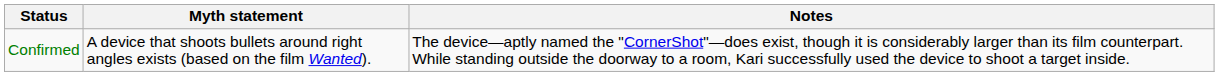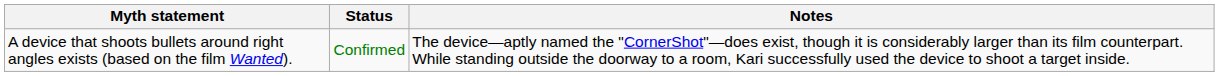 <table class="wikitable plainrowheaders">
 <tr>
+<th>Myth statement</th>
 <th>Status</th>
-<th>Myth statement</th>
 <th>Notes</th>
 </tr>
 <tr>
+<td>A device that shoots bullets around right angles exists (based on the film <em><a href='#'>Wanted</a></em>).</td>
 <td style="color:green">Confirmed</td>
-<td>A device that shoots bullets around right angles exists (based on the film <em><a href='#'>Wanted</a></em>).</td>
 <td>The device—aptly named the "<a href='#'>CornerShot</a>"—does exist, though it is considerably larger than its film counterpart. While standing outside the doorway to a room, Kari successfully used the device to shoot a target inside.</td>
 </tr>
 </table>
